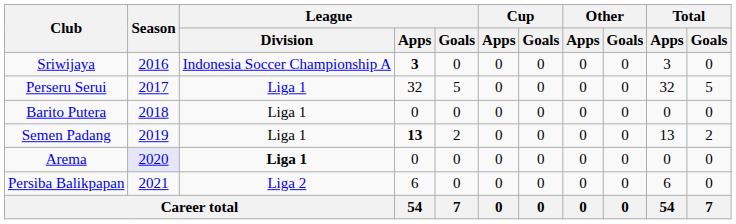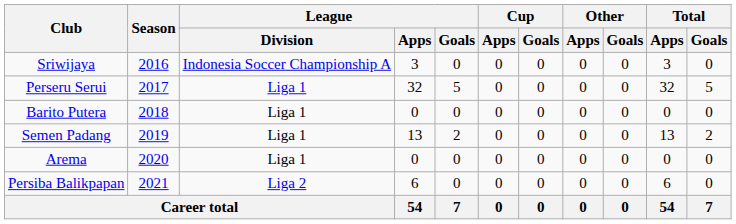 <table class="wikitable" style="text-align:center">
 <tr>
 <th rowspan="2">Club</th>
 <th rowspan="2">Season</th>
 <th colspan="3">League</th>
 <th colspan="2">Cup</th>
 <th colspan="2">Other</th>
 <th colspan="2">Total</th>
 </tr>
 <tr>
 <th>Division</th>
 <th>Apps</th>
 <th>Goals</th>
 <th>Apps</th>
 <th>Goals</th>
 <th>Apps</th>
 <th>Goals</th>
 <th>Apps</th>
 <th>Goals</th>
 </tr>
 <tr>
 <td><a href='#'>Sriwijaya</a></td>
 <td><a href='#'>2016</a></td>
 <td><a href='#'>Indonesia Soccer Championship A</a></td>
-<td><strong>3</strong></td>
+<td>3</td>
 <td>0</td>
 <td>0</td>
 <td>0</td>
 <td>0</td>
 <td>0</td>
 <td>3</td>
 <td>0</td>
 </tr>
 <tr>
 <td rowspan="1" valign="center"><a href='#'>Perseru Serui</a></td>
 <td><a href='#'>2017</a></td>
 <td rowspan="1" valign="center"><a href='#'>Liga 1</a></td>
 <td>32</td>
 <td>5</td>
 <td>0</td>
 <td>0</td>
 <td>0</td>
 <td>0</td>
 <td>32</td>
 <td>5</td>
 </tr>
 <tr>
 <td rowspan="1" valign="center"><a href='#'>Barito Putera</a></td>
 <td><a href='#'>2018</a></td>
 <td rowspan="1" valign="center">Liga 1</td>
 <td>0</td>
 <td>0</td>
 <td>0</td>
 <td>0</td>
 <td>0</td>
 <td>0</td>
 <td>0</td>
 <td>0</td>
 </tr>
 <tr>
 <td><a href='#'>Semen Padang</a></td>
 <td><a href='#'>2019</a></td>
 <td rowspan="1" valign="center">Liga 1</td>
-<td><strong>13</strong></td>
+<td>13</td>
 <td>2</td>
 <td>0</td>
 <td>0</td>
 <td>0</td>
 <td>0</td>
 <td>13</td>
 <td>2</td>
 </tr>
 <tr>
 <td><a href='#'>Arema</a></td>
-<td style="background: lavender;"><a href='#'>2020</a></td>
-<td rowspan="1" valign="center"><strong>Liga 1</strong></td>
+<td><a href='#'>2020</a></td>
+<td rowspan="1" valign="center">Liga 1</td>
 <td>0</td>
 <td>0</td>
 <td>0</td>
 <td>0</td>
 <td>0</td>
 <td>0</td>
 <td>0</td>
 <td>0</td>
 </tr>
 <tr>
 <td><a href='#'>Persiba Balikpapan</a></td>
 <td><a href='#'>2021</a></td>
 <td rowspan="1" valign="center"><a href='#'>Liga 2</a></td>
 <td>6</td>
 <td>0</td>
 <td>0</td>
 <td>0</td>
 <td>0</td>
 <td>0</td>
 <td>6</td>
 <td>0</td>
 </tr>
 <tr>
 <th colspan="3">Career total</th>
 <th>54</th>
 <th>7</th>
 <th>0</th>
 <th>0</th>
 <th>0</th>
 <th>0</th>
 <th>54</th>
 <th>7</th>
 </tr>
 </table>
